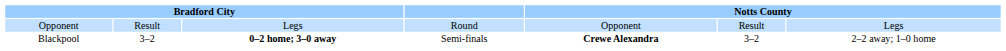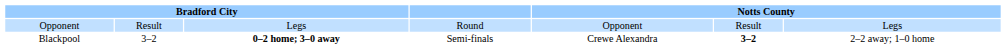 <table style="width:100%; background:white;">
 <tr style="vertical-align:top; background:#9cf;">
 <th colspan=3 style="width:1*"><strong>Bradford City</strong></th>
 <th></th>
 <th colspan=3 style="width:1*"><strong>Notts County</strong></th>
 </tr>
 <tr style="text-align:center; vertical-align:top; background:#c1e0ff;">
 <td>Opponent</td>
 <td>Result</td>
 <td>Legs</td>
 <td>Round</td>
 <td>Opponent</td>
 <td>Result</td>
 <td>Legs</td>
 </tr>
 <tr style="text-align:center;">
 <td>Blackpool</td>
 <td>3–2</td>
 <td><strong>0–2 home; 3–0 away</strong></td>
 <td>Semi-finals</td>
-<td><strong>Crewe Alexandra</strong></td>
-<td>3–2</td>
+<td>Crewe Alexandra</td>
+<td><strong>3–2</strong></td>
 <td>2–2 away; 1–0 home</td>
 </tr>
 </table>
